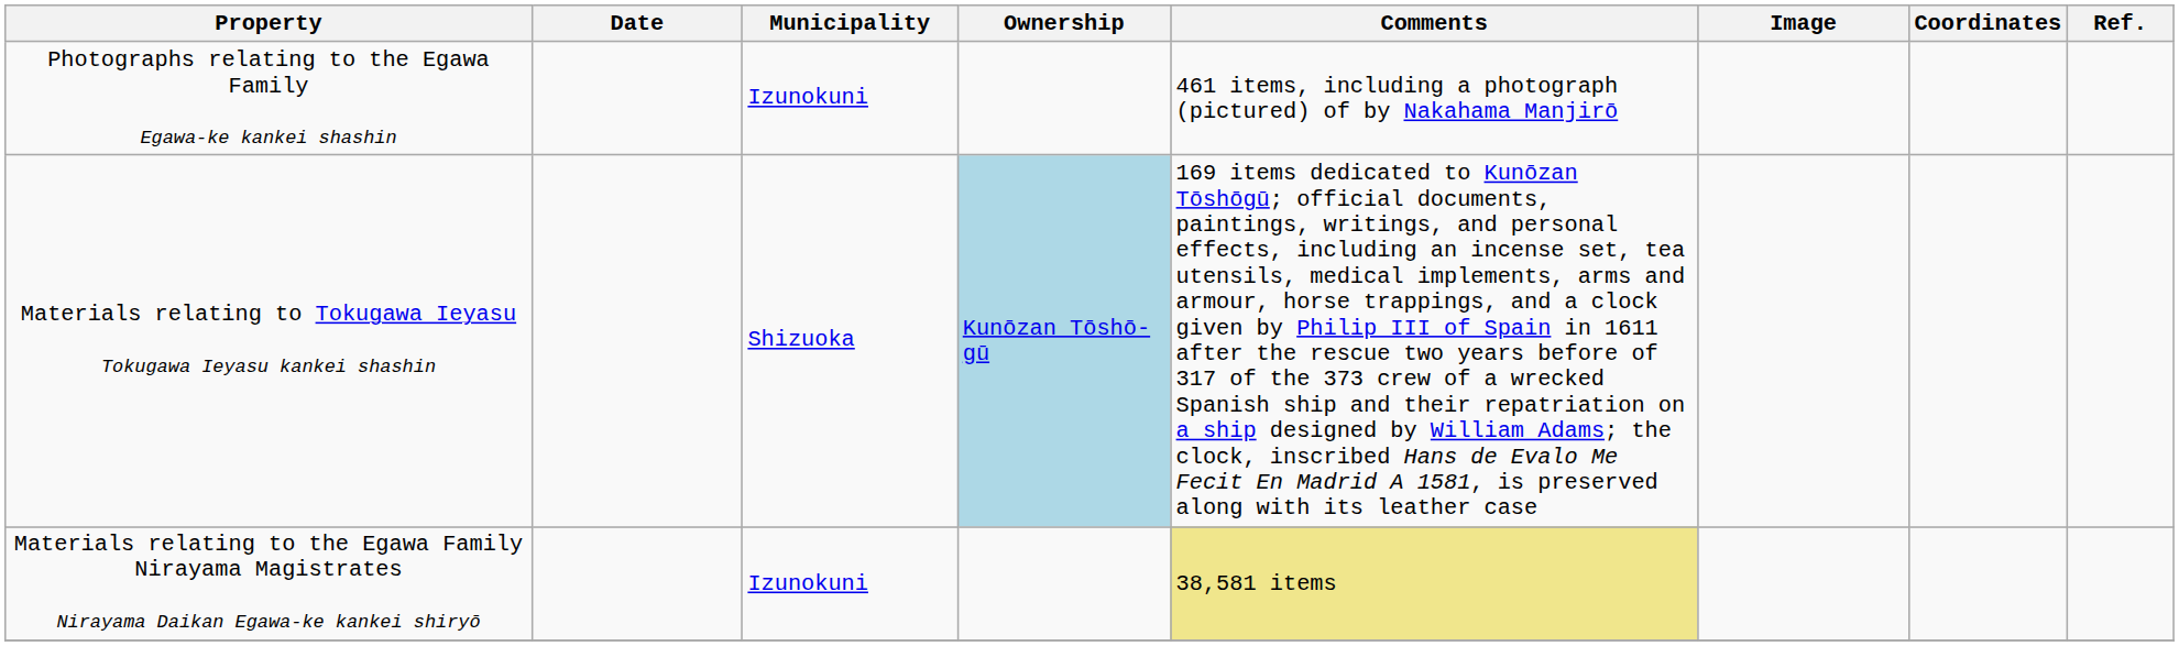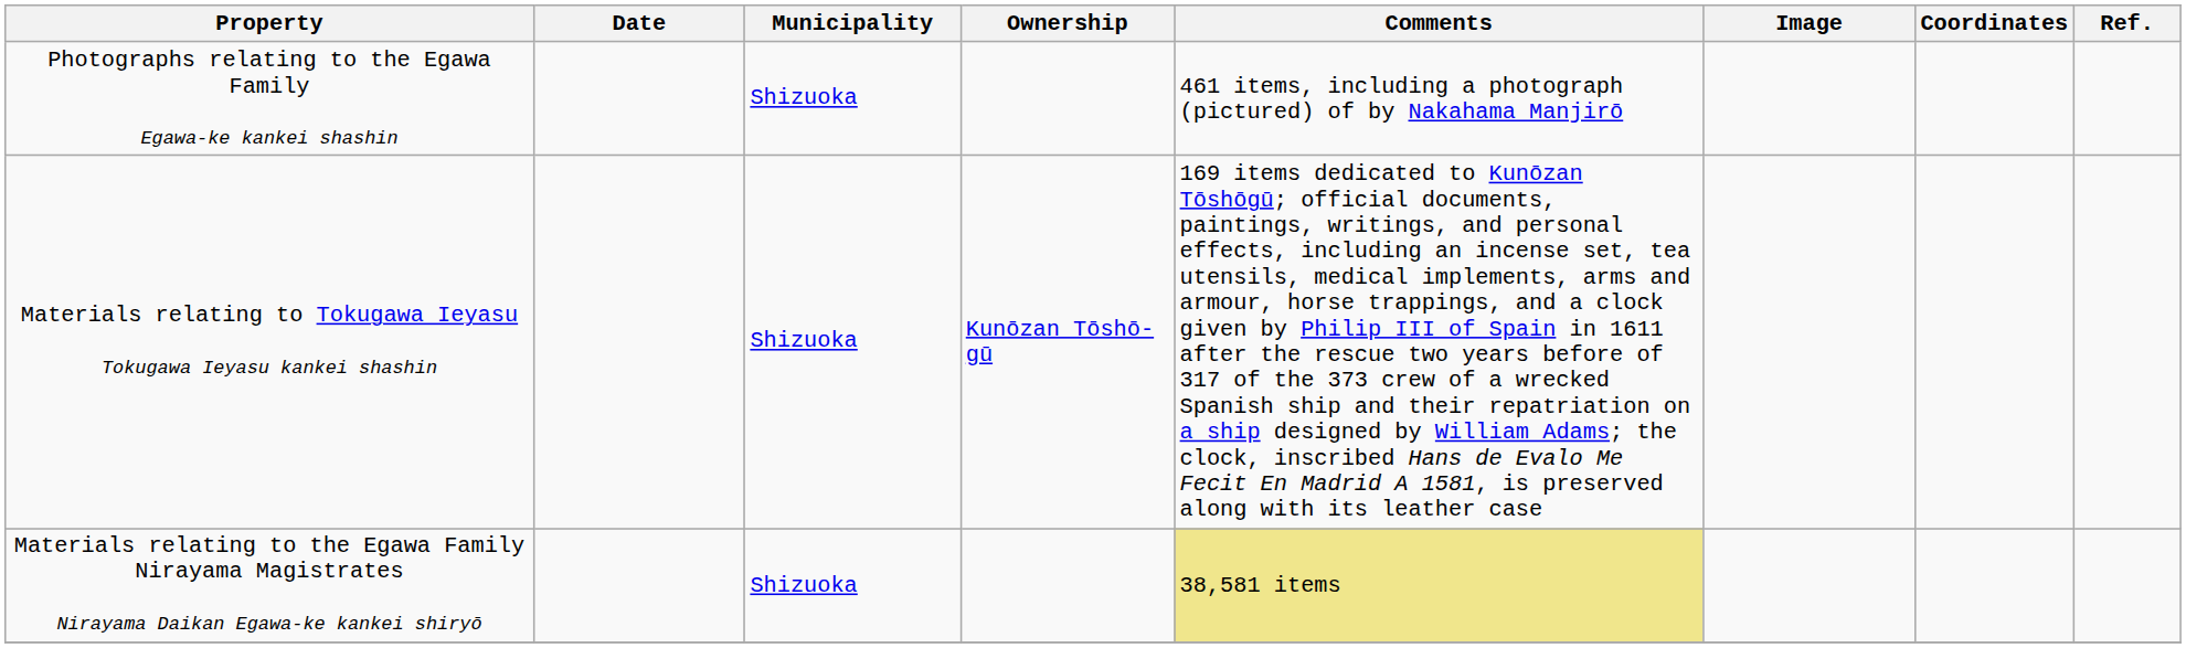 <table class="wikitable sortable"  style="width:100%;">
 <tr>
 <th width="25%" align="left">Property</th>
 <th width="10%" align="left" data-sort-type="number">Date</th>
 <th width="10%" align="left">Municipality</th>
 <th width="10%" align="left">Ownership</th>
 <th width="25%" align="left" class="unsortable">Comments</th>
 <th width="10%" align="left" class="unsortable">Image</th>
 <th width="5%" align="left" class="unsortable">Coordinates</th>
 <th width="5%" align="left" class="unsortable">Ref.</th>
 </tr>
 <tr>
 <td align="center">Photographs relating to the Egawa Family<br><br><small><em>Egawa-ke kankei shashin</em></small></td>
 <td></td>
-<td><a href='#'>Izunokuni</a></td>
+<td><a href='#'>Shizuoka</a></td>
 <td></td>
 <td>461 items, including a photograph (pictured) of  by <a href='#'>Nakahama Manjirō</a></td>
 <td></td>
 <td></td>
 <td></td>
 </tr>
 <tr>
 <td align="center">Materials relating to <a href='#'>Tokugawa Ieyasu</a><br><br><small><em>Tokugawa Ieyasu kankei shashin</em></small></td>
 <td></td>
 <td><a href='#'>Shizuoka</a></td>
-<td style="background: lightblue;"><a href='#'>Kunōzan Tōshō-gū</a></td>
+<td><a href='#'>Kunōzan Tōshō-gū</a></td>
 <td>169 items dedicated to <a href='#'>Kunōzan Tōshōgū</a>; official documents, paintings, writings, and personal effects, including an incense set, tea utensils, medical implements, arms and armour, horse trappings, and a clock given by <a href='#'>Philip III of Spain</a> in 1611 after the rescue two years before of 317 of the 373 crew of a wrecked Spanish ship and their repatriation on <a href='#'>a ship</a> designed by <a href='#'>William Adams</a>; the clock, inscribed <em>Hans de Evalo Me Fecit En Madrid A 1581</em>, is preserved along with its leather case</td>
 <td></td>
 <td></td>
 <td></td>
 </tr>
 <tr>
 <td align="center">Materials relating to the Egawa Family Nirayama Magistrates<br><br><small><em>Nirayama Daikan Egawa-ke kankei shiryō</em></small></td>
 <td></td>
-<td><a href='#'>Izunokuni</a></td>
+<td><a href='#'>Shizuoka</a></td>
 <td></td>
 <td style="background: khaki;">38,581 items</td>
 <td></td>
 <td></td>
 <td></td>
 </tr>
 <tr>
 </tr>
 </table>
